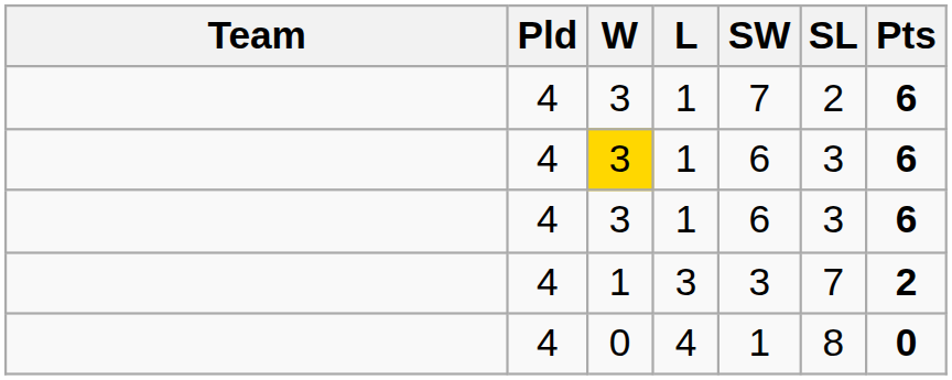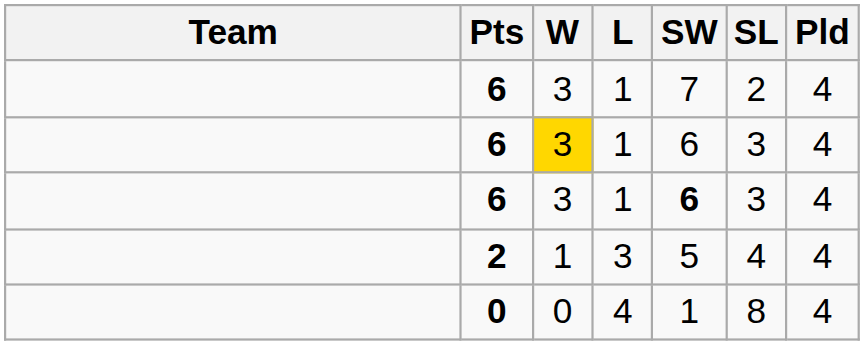 <table class=wikitable style="text-align:center">
 <tr>
 <th width=200>Team</th>
-<th width=20>Pld</th>
+<th width=20>Pts</th>
 <th width=20>W</th>
 <th width=20>L</th>
 <th width=20>SW</th>
 <th width=20>SL</th>
-<th width=20>Pts</th>
+<th width=20>Pld</th>
 </tr>
 <tr>
 <td align=left></td>
-<td>4</td>
+<td><strong>6</strong></td>
 <td>3</td>
 <td>1</td>
 <td>7</td>
 <td>2</td>
-<td><strong>6</strong></td>
+<td>4</td>
 </tr>
 <tr>
 <td align=left></td>
-<td>4</td>
+<td><strong>6</strong></td>
 <td style="background: gold;">3</td>
 <td>1</td>
 <td>6</td>
 <td>3</td>
-<td><strong>6</strong></td>
+<td>4</td>
 </tr>
 <tr>
 <td align=left></td>
-<td>4</td>
+<td><strong>6</strong></td>
 <td>3</td>
 <td>1</td>
-<td>6</td>
+<td><strong>6</strong></td>
 <td>3</td>
-<td><strong>6</strong></td>
+<td>4</td>
 </tr>
 <tr>
 <td align=left></td>
-<td>4</td>
+<td><strong>2</strong></td>
 <td>1</td>
 <td>3</td>
-<td>3</td>
-<td>7</td>
-<td><strong>2</strong></td>
+<td>5</td>
+<td>4</td>
+<td>4</td>
 </tr>
 <tr>
 <td align=left></td>
-<td>4</td>
+<td><strong>0</strong></td>
 <td>0</td>
 <td>4</td>
 <td>1</td>
 <td>8</td>
-<td><strong>0</strong></td>
+<td>4</td>
 </tr>
 </table>
